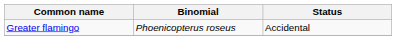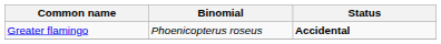 <table width=72% class="wikitable">
 <tr>
 <th width=24%>Common name</th>
 <th width=24%>Binomial</th>
 <th width=24%>Status</th>
 </tr>
 <tr>
 <td><a href='#'>Greater flamingo</a></td>
 <td><em>Phoenicopterus roseus</em></td>
-<td>Accidental</td>
+<td><strong>Accidental</strong></td>
 </tr>
 <tr>
 </tr>
 </table>
